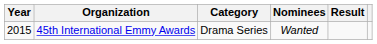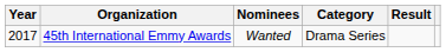 <table class="wikitable sortable" style="text-align:center;">
 <tr>
 <th>Year</th>
 <th>Organization</th>
+<th>Nominees</th>
 <th>Category</th>
-<th>Nominees</th>
 <th>Result</th>
 <th></th>
 </tr>
 <tr>
-<td>2015</td>
+<td>2017</td>
 <td><a href='#'>45th International Emmy Awards</a></td>
+<td><em>Wanted</em></td>
 <td>Drama Series</td>
-<td><em>Wanted</em></td>
 <td></td>
 <td></td>
 </tr>
 </table>
